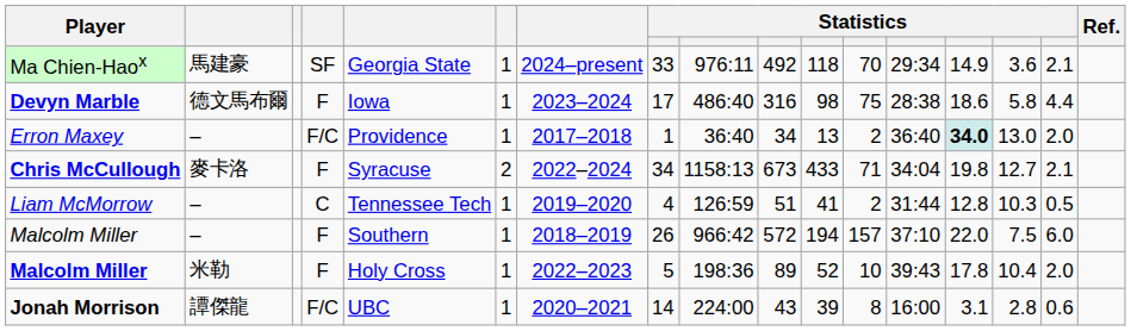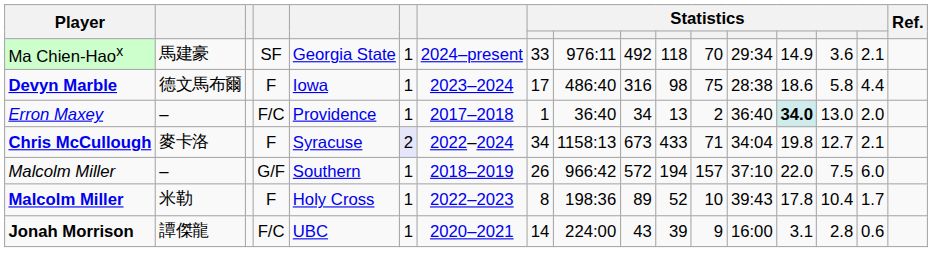 <table class="wikitable sortable" style="font-size:95%; text-align:right;">
 <tr>
 <th rowspan="2">Player</th>
 <th rowspan="2"></th>
 <th rowspan="2"></th>
 <th rowspan="2"></th>
 <th rowspan="2"></th>
 <th rowspan="2"></th>
 <th rowspan="2"></th>
 <th colspan="9">Statistics</th>
 <th rowspan="2">Ref.</th>
 </tr>
 <tr>
 <th></th>
 <th></th>
 <th></th>
 <th></th>
 <th></th>
 <th></th>
 <th></th>
 <th></th>
 <th></th>
 </tr>
 <tr>
 <td align="left" bgcolor="#CCFFCC">Ma Chien-Hao<sup>x</sup></td>
 <td align="left">馬建豪</td>
 <td align="center"></td>
 <td align="center">SF</td>
 <td align="left"><a href='#'>Georgia State</a></td>
 <td align="center">1</td>
 <td align="center"><a href='#'>2024–present</a></td>
 <td>33</td>
 <td>976:11</td>
 <td>492</td>
 <td>118</td>
 <td>70</td>
 <td>29:34</td>
 <td>14.9</td>
 <td>3.6</td>
 <td>2.1</td>
 <td align="center"></td>
 </tr>
 <tr>
 <td align="left"><strong><a href='#'>Devyn Marble</a></strong></td>
 <td align="left">德文馬布爾</td>
 <td align="center"></td>
 <td align="center">F</td>
 <td align="left"><a href='#'>Iowa</a></td>
 <td align="center">1</td>
 <td align="center"><a href='#'>2023–2024</a></td>
 <td>17</td>
 <td>486:40</td>
 <td>316</td>
 <td>98</td>
 <td>75</td>
 <td>28:38</td>
 <td>18.6</td>
 <td>5.8</td>
 <td>4.4</td>
 <td align="center"></td>
 </tr>
 <tr>
 <td align="left"><em><a href='#'>Erron Maxey</a></em></td>
 <td align="left">–</td>
 <td align="center"></td>
 <td align="center">F/C</td>
 <td align="left"><a href='#'>Providence</a></td>
 <td align="center">1</td>
 <td align="center"><a href='#'>2017–2018</a></td>
 <td>1</td>
 <td>36:40</td>
 <td>34</td>
 <td>13</td>
 <td>2</td>
 <td>36:40</td>
 <td bgcolor="#CFECEC"><strong>34.0</strong></td>
 <td>13.0</td>
 <td>2.0</td>
 <td align="center"></td>
 </tr>
 <tr>
 <td align="left"><strong><a href='#'>Chris McCullough</a></strong></td>
 <td align="left">麥卡洛</td>
 <td align="center"></td>
 <td align="center">F</td>
 <td align="left"><a href='#'>Syracuse</a></td>
-<td align="center">2</td>
+<td align="center" style="background: lavender;">2</td>
 <td align="center"><a href='#'>2022</a>–<a href='#'>2024</a></td>
 <td>34</td>
 <td>1158:13</td>
 <td>673</td>
 <td>433</td>
 <td>71</td>
 <td>34:04</td>
 <td>19.8</td>
 <td>12.7</td>
 <td>2.1</td>
 <td align="center"></td>
 </tr>
 <tr>
-<td align="left"><em><a href='#'>Liam McMorrow</a></em></td>
-<td align="left">–</td>
-<td align="center"></td>
-<td align="center">C</td>
-<td align="left"><a href='#'>Tennessee Tech</a></td>
-<td align="center">1</td>
-<td align="center"><a href='#'>2019–2020</a></td>
-<td>4</td>
-<td>126:59</td>
-<td>51</td>
-<td>41</td>
-<td>2</td>
-<td>31:44</td>
-<td>12.8</td>
-<td>10.3</td>
-<td>0.5</td>
-<td align="center"></td>
-</tr>
-<tr>
 <td align="left"><em>Malcolm Miller</em></td>
 <td align="left">–</td>
 <td align="center"></td>
-<td align="center">F</td>
+<td align="center">G/F</td>
 <td align="left"><a href='#'>Southern</a></td>
 <td align="center">1</td>
 <td align="center"><a href='#'>2018–2019</a></td>
 <td>26</td>
 <td>966:42</td>
 <td>572</td>
 <td>194</td>
 <td>157</td>
 <td>37:10</td>
 <td>22.0</td>
 <td>7.5</td>
 <td>6.0</td>
 <td align="center"></td>
 </tr>
 <tr>
 <td align="left"><strong><a href='#'>Malcolm Miller</a></strong></td>
 <td align="left">米勒</td>
 <td align="center"></td>
 <td align="center">F</td>
 <td align="left"><a href='#'>Holy Cross</a></td>
 <td align="center">1</td>
 <td align="center"><a href='#'>2022–2023</a></td>
-<td>5</td>
+<td>8</td>
 <td>198:36</td>
 <td>89</td>
 <td>52</td>
 <td>10</td>
 <td>39:43</td>
 <td>17.8</td>
 <td>10.4</td>
-<td>2.0</td>
+<td>1.7</td>
 <td align="center"></td>
 </tr>
 <tr>
 <td align="left"><strong>Jonah Morrison</strong></td>
 <td align="left">譚傑龍</td>
 <td align="center"></td>
 <td align="center">F/C</td>
 <td align="left"><a href='#'>UBC</a></td>
 <td align="center">1</td>
 <td align="center"><a href='#'>2020–2021</a></td>
 <td>14</td>
 <td>224:00</td>
 <td>43</td>
 <td>39</td>
-<td>8</td>
+<td>9</td>
 <td>16:00</td>
 <td>3.1</td>
 <td>2.8</td>
 <td>0.6</td>
 <td align="center"></td>
 </tr>
 </table>
